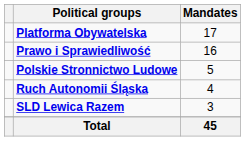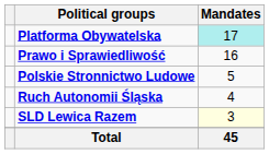 <table class="wikitable">
 <tr>
 <th width=5></th>
 <th>Political groups</th>
 <th>Mandates</th>
 </tr>
 <tr>
 <td style="background:"></td>
 <td><strong><a href='#'>Platforma Obywatelska</a></strong></td>
-<td align="center">17</td>
+<td align="center" style="background: paleturquoise;">17</td>
 </tr>
 <tr>
 <td style="background:"></td>
 <td><strong><a href='#'>Prawo i Sprawiedliwość</a></strong></td>
 <td align="center">16</td>
 </tr>
 <tr>
 <td style="background:"></td>
 <td><strong><a href='#'>Polskie Stronnictwo Ludowe</a></strong></td>
 <td align="center">5</td>
 </tr>
 <tr>
 <td style="background:"></td>
 <td><strong><a href='#'>Ruch Autonomii Śląska</a></strong></td>
 <td align="center">4</td>
 </tr>
 <tr>
 <td style="background:"></td>
 <td><strong><a href='#'>SLD Lewica Razem</a></strong></td>
-<td align="center">3</td>
+<td align="center" style="background: lightyellow;">3</td>
 </tr>
 <tr>
 </tr>
 <tr bgcolor="#ececec">
 <th></th>
 <th>Total</th>
 <th align="center">45</th>
 </tr>
 </table>
